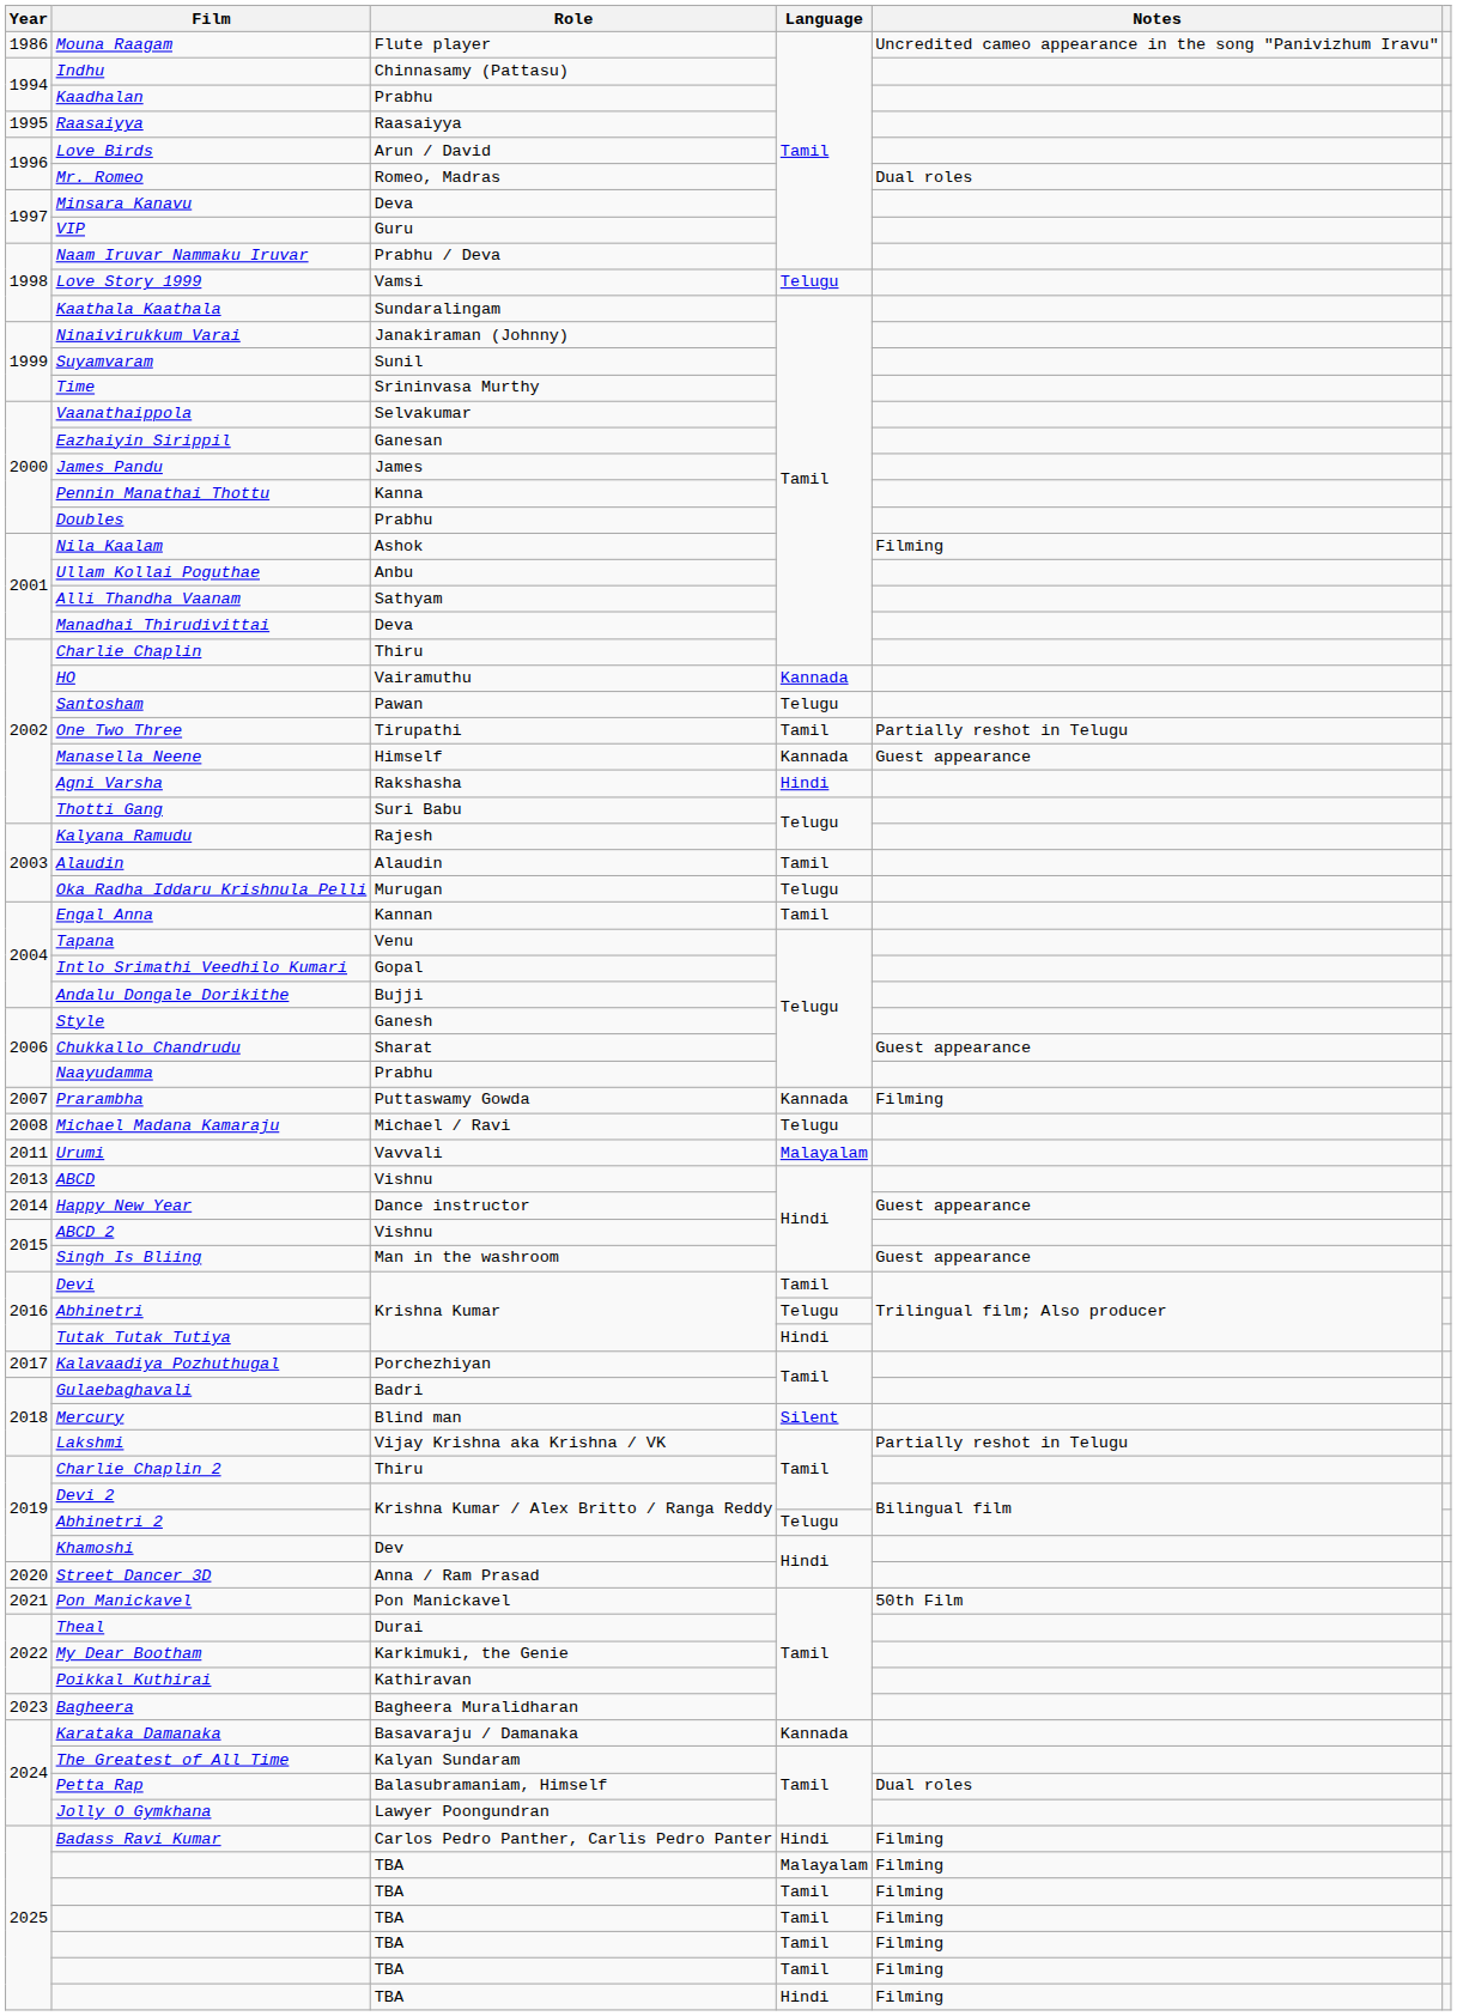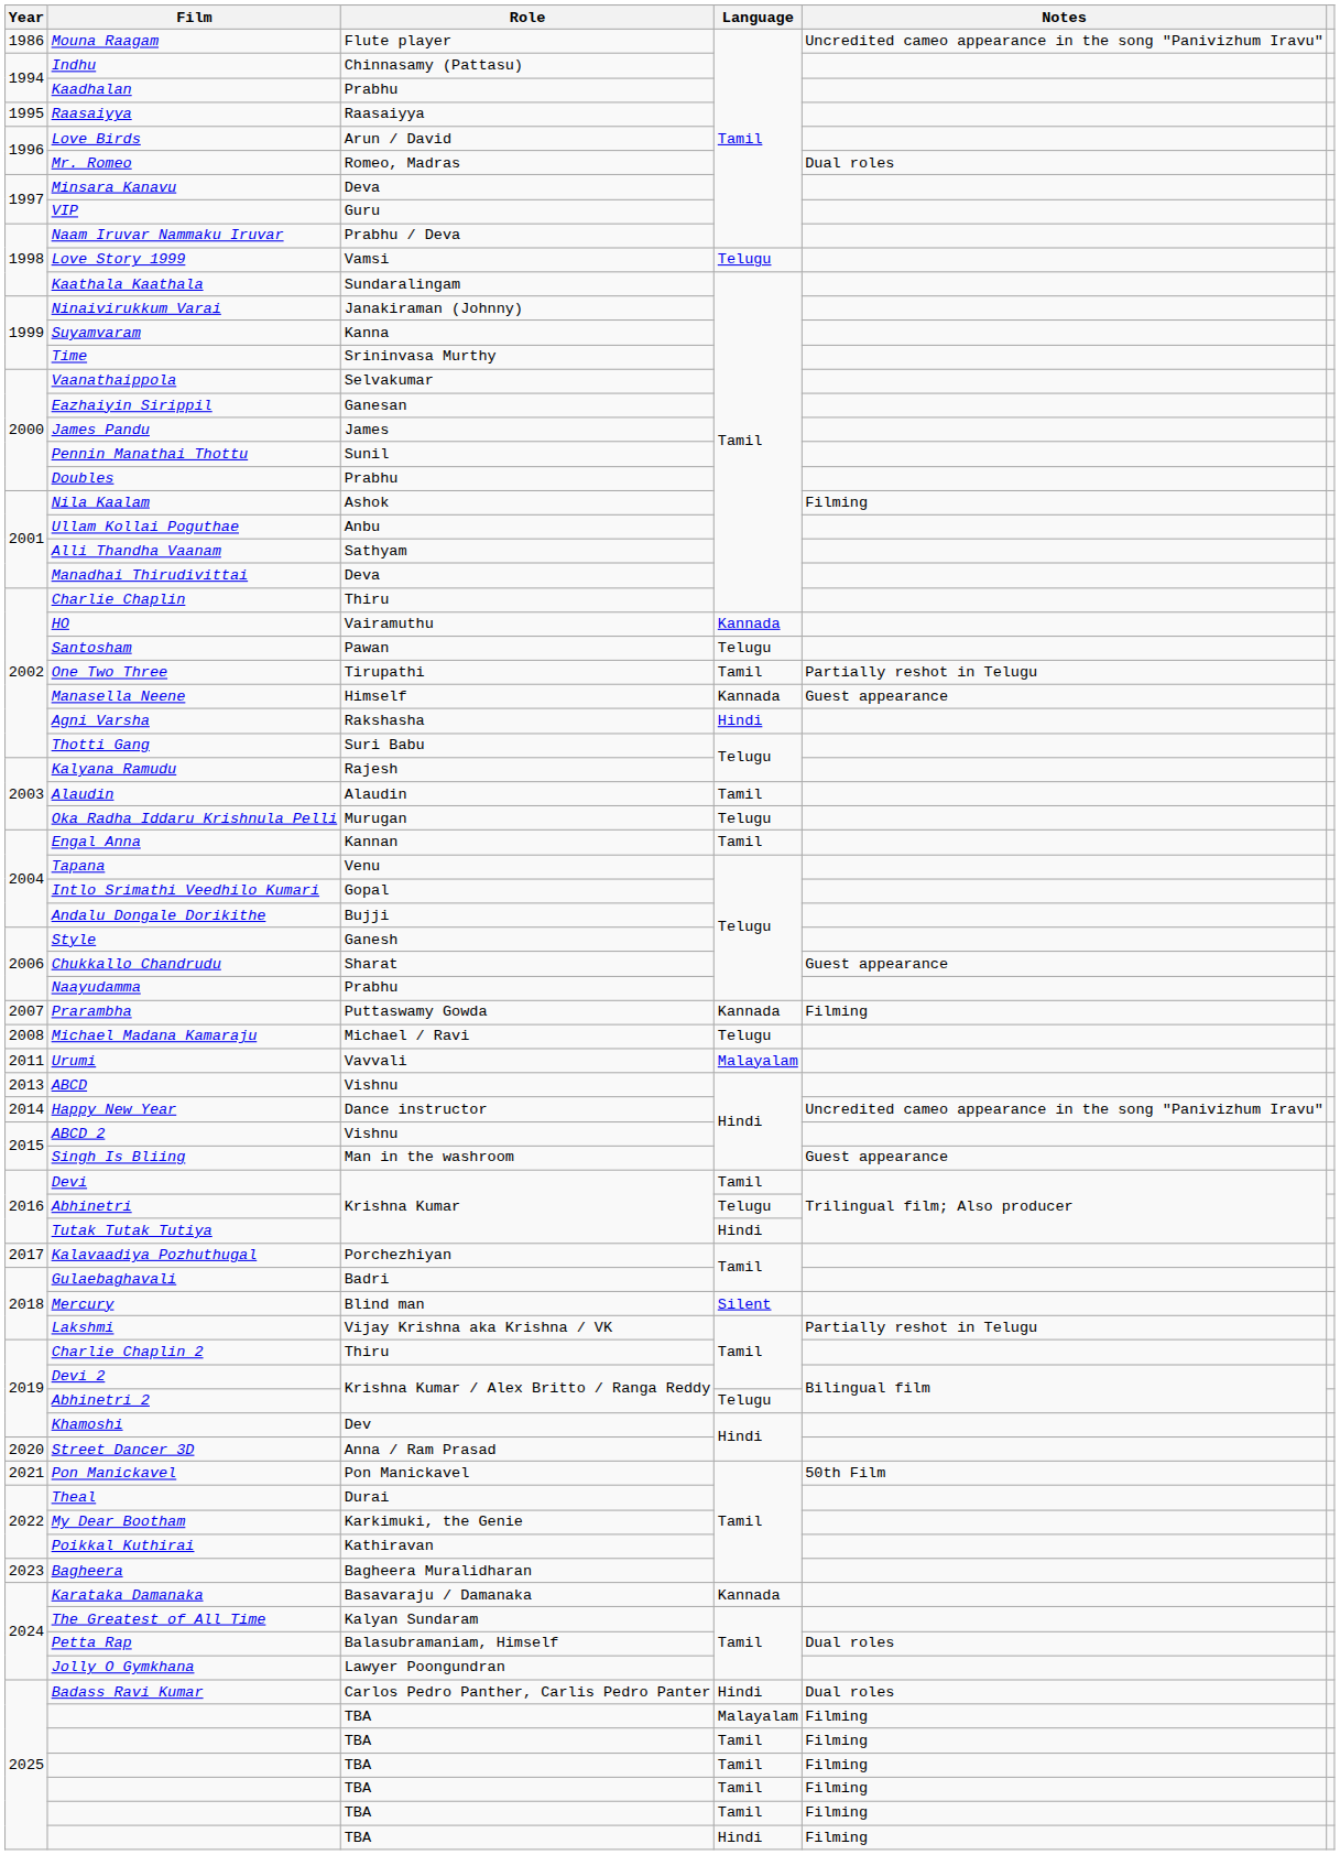 <table class="wikitable sortable">
 <tr>
 <th scope="col">Year</th>
 <th scope="col">Film</th>
 <th scope="col">Role</th>
 <th scope="col">Language</th>
 <th class="unsortable" scope="col">Notes</th>
 <th class="unsortable" scope="col"></th>
 </tr>
 <tr>
 <td>1986</td>
 <td><em><a href='#'>Mouna Raagam</a></em></td>
 <td>Flute player</td>
 <td rowspan="9"><a href='#'>Tamil</a></td>
 <td>Uncredited cameo appearance in the song "Panivizhum Iravu"</td>
 <td></td>
 </tr>
 <tr>
 <td rowspan="2">1994</td>
 <td><em><a href='#'>Indhu</a></em></td>
 <td>Chinnasamy (Pattasu)</td>
 <td></td>
 <td></td>
 </tr>
 <tr>
 <td><em><a href='#'>Kaadhalan</a></em></td>
 <td>Prabhu</td>
 <td></td>
 <td></td>
 </tr>
 <tr>
 <td>1995</td>
 <td><em><a href='#'>Raasaiyya</a></em></td>
 <td>Raasaiyya</td>
 <td></td>
 <td></td>
 </tr>
 <tr>
 <td rowspan="2">1996</td>
 <td><em><a href='#'>Love Birds</a></em></td>
 <td>Arun / David</td>
 <td></td>
 <td></td>
 </tr>
 <tr>
 <td><em><a href='#'>Mr. Romeo</a></em></td>
 <td>Romeo, Madras</td>
 <td>Dual roles</td>
 <td></td>
 </tr>
 <tr>
 <td rowspan="2">1997</td>
 <td><em><a href='#'>Minsara Kanavu</a></em></td>
 <td>Deva</td>
 <td></td>
 <td></td>
 </tr>
 <tr>
 <td><em><a href='#'>VIP</a></em></td>
 <td>Guru</td>
 <td></td>
 <td></td>
 </tr>
 <tr>
 <td rowspan="3">1998</td>
 <td><em><a href='#'>Naam Iruvar Nammaku Iruvar</a></em></td>
 <td>Prabhu / Deva</td>
 <td></td>
 <td></td>
 </tr>
 <tr>
 <td><em><a href='#'>Love Story 1999</a></em></td>
 <td>Vamsi</td>
 <td><a href='#'>Telugu</a></td>
 <td></td>
 <td></td>
 </tr>
 <tr>
 <td><em><a href='#'>Kaathala Kaathala</a></em></td>
 <td>Sundaralingam</td>
 <td rowspan="14">Tamil</td>
 <td></td>
 <td></td>
 </tr>
 <tr>
 <td rowspan="3">1999</td>
 <td><em><a href='#'>Ninaivirukkum Varai</a></em></td>
 <td>Janakiraman (Johnny)</td>
 <td></td>
 <td></td>
 </tr>
 <tr>
 <td><em><a href='#'>Suyamvaram</a></em></td>
-<td>Sunil</td>
+<td>Kanna</td>
 <td></td>
 <td></td>
 </tr>
 <tr>
 <td><em><a href='#'>Time</a></em></td>
 <td>Srininvasa Murthy</td>
 <td></td>
 <td></td>
 </tr>
 <tr>
 <td rowspan="5">2000</td>
 <td><em><a href='#'>Vaanathaippola</a></em></td>
 <td>Selvakumar</td>
 <td></td>
 <td></td>
 </tr>
 <tr>
 <td><em><a href='#'>Eazhaiyin Sirippil</a></em></td>
 <td>Ganesan</td>
 <td></td>
 <td></td>
 </tr>
 <tr>
 <td><em><a href='#'>James Pandu</a></em></td>
 <td>James</td>
 <td></td>
 <td></td>
 </tr>
 <tr>
 <td><em><a href='#'>Pennin Manathai Thottu</a></em></td>
-<td>Kanna</td>
+<td>Sunil</td>
 <td></td>
 <td></td>
 </tr>
 <tr>
 <td><em><a href='#'>Doubles</a></em></td>
 <td>Prabhu</td>
 <td></td>
 <td></td>
 </tr>
 <tr>
 <td rowspan="4">2001</td>
 <td><em><a href='#'>Nila Kaalam</a></em></td>
 <td>Ashok</td>
 <td>Filming</td>
 <td></td>
 </tr>
 <tr>
 <td><em><a href='#'>Ullam Kollai Poguthae</a></em></td>
 <td>Anbu</td>
 <td></td>
 <td></td>
 </tr>
 <tr>
 <td><em><a href='#'>Alli Thandha Vaanam</a></em></td>
 <td>Sathyam</td>
 <td></td>
 <td></td>
 </tr>
 <tr>
 <td><em><a href='#'>Manadhai Thirudivittai</a></em></td>
 <td>Deva</td>
 <td></td>
 <td></td>
 </tr>
 <tr>
 <td rowspan="7">2002</td>
 <td><em><a href='#'>Charlie Chaplin</a></em></td>
 <td>Thiru</td>
 <td></td>
 <td></td>
 </tr>
 <tr>
 <td><em><a href='#'>HO</a></em></td>
 <td>Vairamuthu</td>
 <td><a href='#'>Kannada</a></td>
 <td></td>
 <td></td>
 </tr>
 <tr>
 <td><em><a href='#'>Santosham</a></em></td>
 <td>Pawan</td>
 <td>Telugu</td>
 <td></td>
 <td></td>
 </tr>
 <tr>
 <td><em><a href='#'>One Two Three</a></em></td>
 <td>Tirupathi</td>
 <td>Tamil</td>
 <td>Partially reshot in Telugu</td>
 <td></td>
 </tr>
 <tr>
 <td><em><a href='#'>Manasella Neene</a></em></td>
 <td>Himself</td>
 <td>Kannada</td>
 <td>Guest appearance</td>
 <td></td>
 </tr>
 <tr>
 <td><em><a href='#'>Agni Varsha</a></em></td>
 <td>Rakshasha</td>
 <td><a href='#'>Hindi</a></td>
 <td></td>
 <td></td>
 </tr>
 <tr>
 <td><em><a href='#'>Thotti Gang</a></em></td>
 <td>Suri Babu</td>
 <td rowspan="2">Telugu</td>
 <td></td>
 <td></td>
 </tr>
 <tr>
 <td rowspan="3">2003</td>
 <td><em><a href='#'>Kalyana Ramudu</a></em></td>
 <td>Rajesh</td>
 <td></td>
 <td></td>
 </tr>
 <tr>
 <td><em><a href='#'>Alaudin</a></em></td>
 <td>Alaudin</td>
 <td>Tamil</td>
 <td></td>
 <td></td>
 </tr>
 <tr>
 <td><em><a href='#'>Oka Radha Iddaru Krishnula Pelli</a></em></td>
 <td>Murugan</td>
 <td>Telugu</td>
 <td></td>
 <td></td>
 </tr>
 <tr>
 <td rowspan="4">2004</td>
 <td><em><a href='#'>Engal Anna</a></em></td>
 <td>Kannan</td>
 <td>Tamil</td>
 <td></td>
 <td></td>
 </tr>
 <tr>
 <td><em><a href='#'>Tapana</a></em></td>
 <td>Venu</td>
 <td rowspan="6">Telugu</td>
 <td></td>
 <td></td>
 </tr>
 <tr>
 <td><em><a href='#'>Intlo Srimathi Veedhilo Kumari</a></em></td>
 <td>Gopal</td>
 <td></td>
 <td></td>
 </tr>
 <tr>
 <td><em><a href='#'>Andalu Dongale Dorikithe</a></em></td>
 <td>Bujji</td>
 <td></td>
 <td></td>
 </tr>
 <tr>
 <td rowspan="3">2006</td>
 <td><em><a href='#'>Style</a></em></td>
 <td>Ganesh</td>
 <td></td>
 <td></td>
 </tr>
 <tr>
 <td><em><a href='#'>Chukkallo Chandrudu</a></em></td>
 <td>Sharat</td>
 <td>Guest appearance</td>
 <td></td>
 </tr>
 <tr>
 <td><em><a href='#'>Naayudamma</a></em></td>
 <td>Prabhu</td>
 <td></td>
 <td></td>
 </tr>
 <tr>
 <td>2007</td>
 <td><em><a href='#'>Prarambha</a></em></td>
 <td>Puttaswamy Gowda</td>
 <td>Kannada</td>
 <td>Filming</td>
 <td></td>
 </tr>
 <tr>
 <td>2008</td>
 <td><em><a href='#'>Michael Madana Kamaraju</a></em></td>
 <td>Michael / Ravi</td>
 <td>Telugu</td>
 <td></td>
 <td></td>
 </tr>
 <tr>
 <td>2011</td>
 <td><em><a href='#'>Urumi</a></em></td>
 <td>Vavvali</td>
 <td><a href='#'>Malayalam</a></td>
 <td></td>
 <td></td>
 </tr>
 <tr>
 <td>2013</td>
 <td><em><a href='#'>ABCD</a></em></td>
 <td>Vishnu</td>
 <td rowspan="4">Hindi</td>
 <td></td>
 <td></td>
 </tr>
 <tr>
 <td>2014</td>
 <td><em><a href='#'>Happy New Year</a></em></td>
 <td>Dance instructor</td>
-<td>Guest appearance</td>
+<td>Uncredited cameo appearance in the song "Panivizhum Iravu"</td>
 <td></td>
 </tr>
 <tr>
 <td rowspan="2">2015</td>
 <td><em><a href='#'>ABCD 2</a></em></td>
 <td>Vishnu</td>
 <td></td>
 <td></td>
 </tr>
 <tr>
 <td><em><a href='#'>Singh Is Bliing</a></em></td>
 <td>Man in the washroom</td>
 <td>Guest appearance</td>
 <td></td>
 </tr>
 <tr>
 <td rowspan="3">2016</td>
 <td><em><a href='#'>Devi</a></em></td>
 <td rowspan="3">Krishna Kumar</td>
 <td>Tamil</td>
 <td rowspan="3">Trilingual film; Also producer</td>
 <td></td>
 </tr>
 <tr>
 <td><em><a href='#'>Abhinetri</a></em></td>
 <td>Telugu</td>
 <td></td>
 </tr>
 <tr>
 <td><em><a href='#'>Tutak Tutak Tutiya</a></em></td>
 <td>Hindi</td>
 <td></td>
 </tr>
 <tr>
 <td>2017</td>
 <td><em><a href='#'>Kalavaadiya Pozhuthugal</a></em></td>
 <td>Porchezhiyan</td>
 <td rowspan="2">Tamil</td>
 <td></td>
 <td></td>
 </tr>
 <tr>
 <td rowspan="3">2018</td>
 <td><em><a href='#'>Gulaebaghavali</a></em></td>
 <td>Badri</td>
 <td></td>
 <td></td>
 </tr>
 <tr>
 <td><em><a href='#'>Mercury</a></em></td>
 <td>Blind man</td>
 <td><a href='#'>Silent</a></td>
 <td></td>
 <td></td>
 </tr>
 <tr>
 <td><em><a href='#'>Lakshmi</a></em></td>
 <td>Vijay Krishna aka Krishna / VK</td>
 <td rowspan="3">Tamil</td>
 <td>Partially reshot in Telugu</td>
 <td></td>
 </tr>
 <tr>
 <td rowspan="4">2019</td>
 <td><em><a href='#'>Charlie Chaplin 2</a></em></td>
 <td>Thiru</td>
 <td></td>
 <td></td>
 </tr>
 <tr>
 <td><em><a href='#'>Devi 2</a></em></td>
 <td rowspan="2">Krishna Kumar / Alex Britto / Ranga Reddy</td>
 <td rowspan="2">Bilingual film</td>
 <td></td>
 </tr>
 <tr>
 <td><em><a href='#'>Abhinetri 2</a></em></td>
 <td>Telugu</td>
 <td></td>
 </tr>
 <tr>
 <td><em><a href='#'>Khamoshi</a></em></td>
 <td>Dev</td>
 <td rowspan="2">Hindi</td>
 <td></td>
 <td></td>
 </tr>
 <tr>
 <td rowspan="1">2020</td>
 <td><em><a href='#'>Street Dancer 3D</a></em></td>
 <td>Anna / Ram Prasad</td>
 <td></td>
 <td></td>
 </tr>
 <tr>
 <td rowspan="1">2021</td>
 <td><em><a href='#'>Pon Manickavel</a></em></td>
 <td>Pon Manickavel</td>
 <td rowspan="5">Tamil</td>
 <td>50th Film</td>
 <td></td>
 </tr>
 <tr>
 <td rowspan=3>2022</td>
 <td><em><a href='#'>Theal</a></em></td>
 <td>Durai</td>
 <td></td>
 <td></td>
 </tr>
 <tr>
 <td><em><a href='#'>My Dear Bootham</a></em></td>
 <td>Karkimuki, the Genie</td>
 <td></td>
 <td></td>
 </tr>
 <tr>
 <td><em><a href='#'>Poikkal Kuthirai</a></em></td>
 <td>Kathiravan</td>
 <td></td>
 <td></td>
 </tr>
 <tr>
 <td>2023</td>
 <td><em><a href='#'>Bagheera</a></em></td>
 <td>Bagheera Muralidharan</td>
 <td></td>
 <td></td>
 </tr>
 <tr>
 <td rowspan="4">2024</td>
 <td><em><a href='#'>Karataka Damanaka</a></em></td>
 <td>Basavaraju  / Damanaka</td>
 <td>Kannada</td>
 <td></td>
 <td></td>
 </tr>
 <tr>
 <td><em><a href='#'>The Greatest of All Time</a></em></td>
 <td>Kalyan Sundaram</td>
 <td rowspan="3">Tamil</td>
 <td></td>
 <td></td>
 </tr>
 <tr>
 <td><em><a href='#'>Petta Rap</a></em></td>
 <td>Balasubramaniam, Himself</td>
 <td>Dual roles</td>
 <td></td>
 </tr>
 <tr>
 <td><em><a href='#'>Jolly O Gymkhana</a></em></td>
 <td>Lawyer Poongundran</td>
 <td></td>
 <td></td>
 </tr>
 <tr>
 <td rowspan="7">2025</td>
 <td><em><a href='#'>Badass Ravi Kumar</a></em></td>
 <td>Carlos Pedro Panther, Carlis Pedro Panter</td>
 <td>Hindi</td>
-<td>Filming</td>
+<td>Dual roles</td>
 <td></td>
 </tr>
 <tr>
 <td></td>
 <td>TBA</td>
 <td>Malayalam</td>
 <td>Filming</td>
 <td></td>
 </tr>
 <tr>
 <td></td>
 <td>TBA</td>
 <td>Tamil</td>
 <td>Filming</td>
 <td></td>
 </tr>
 <tr>
 <td></td>
 <td>TBA</td>
 <td>Tamil</td>
 <td>Filming</td>
 <td></td>
 </tr>
 <tr>
 <td></td>
 <td>TBA</td>
 <td>Tamil</td>
 <td>Filming</td>
 <td></td>
 </tr>
 <tr>
 <td></td>
 <td>TBA</td>
 <td>Tamil</td>
 <td>Filming</td>
 <td></td>
 </tr>
 <tr>
 <td></td>
 <td>TBA</td>
 <td>Hindi</td>
 <td>Filming</td>
 <td><br>   </td>
 </tr>
 </table>
